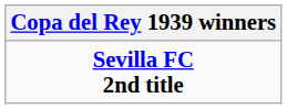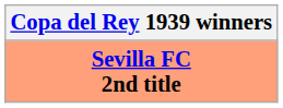 <table class="wikitable" style="text-align: center; margin: 0 auto;">
 <tr>
 <th><a href='#'>Copa del Rey</a> 1939 winners</th>
 </tr>
 <tr>
-<td><strong><a href='#'>Sevilla FC</a></strong><br><strong>2nd title</strong></td>
+<td style="background: lightsalmon;"><strong><a href='#'>Sevilla FC</a></strong><br><strong>2nd title</strong></td>
 </tr>
 </table>
